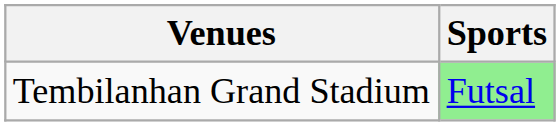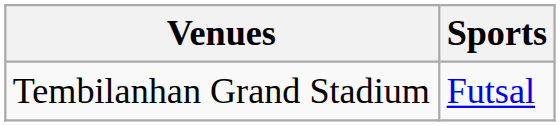 <table class="wikitable" style="margin-left:auto;margin-right:auto">
 <tr>
 <th>Venues</th>
 <th>Sports</th>
 </tr>
 <tr>
 <td>Tembilanhan Grand Stadium</td>
-<td style="background: lightgreen;"><a href='#'>Futsal</a></td>
+<td><a href='#'>Futsal</a></td>
 </tr>
 </table>
